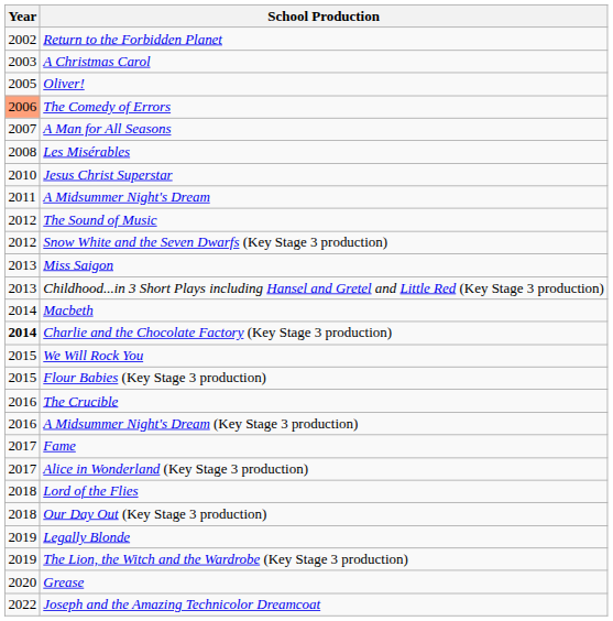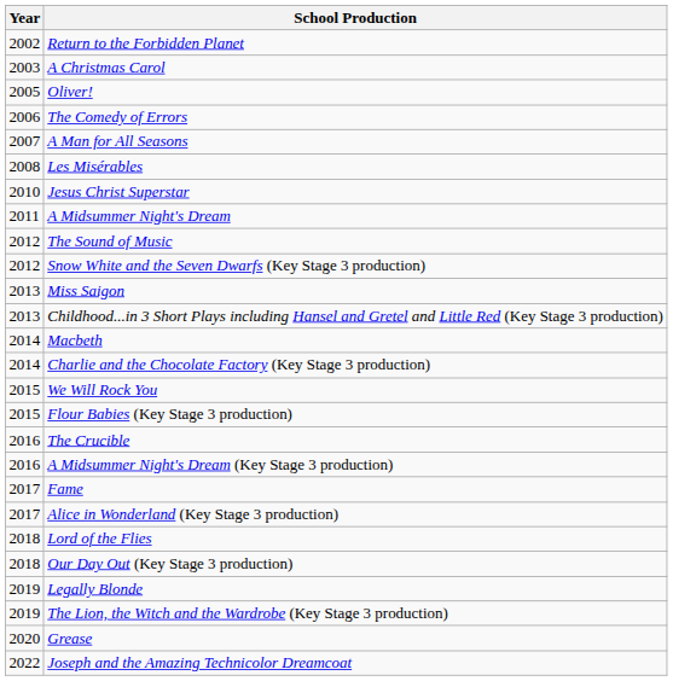 <table class="wikitable">
 <tr>
 <th>Year</th>
 <th>School Production</th>
 </tr>
 <tr>
 <td>2002</td>
 <td><em><a href='#'>Return to the Forbidden Planet</a></em></td>
 </tr>
 <tr>
 <td>2003</td>
 <td><em><a href='#'>A Christmas Carol</a></em></td>
 </tr>
 <tr>
 <td>2005</td>
 <td><em><a href='#'>Oliver!</a></em></td>
 </tr>
 <tr>
-<td style="background: lightsalmon;">2006</td>
+<td>2006</td>
 <td><em><a href='#'>The Comedy of Errors</a></em></td>
 </tr>
 <tr>
 <td>2007</td>
 <td><em><a href='#'>A Man for All Seasons</a></em></td>
 </tr>
 <tr>
 <td>2008</td>
 <td><em><a href='#'>Les Misérables</a></em></td>
 </tr>
 <tr>
 <td>2010</td>
 <td><em><a href='#'>Jesus Christ Superstar</a></em></td>
 </tr>
 <tr>
 <td>2011</td>
 <td><em><a href='#'>A Midsummer Night's Dream</a></em></td>
 </tr>
 <tr>
 <td>2012</td>
 <td><em><a href='#'>The Sound of Music</a></em></td>
 </tr>
 <tr>
 <td>2012</td>
 <td><em><a href='#'>Snow White and the Seven Dwarfs</a></em> (Key Stage 3 production)</td>
 </tr>
 <tr>
 <td>2013</td>
 <td><em><a href='#'>Miss Saigon</a></em></td>
 </tr>
 <tr>
 <td>2013</td>
 <td><em>Childhood...in 3 Short Plays including <a href='#'>Hansel and Gretel</a> and <a href='#'>Little Red</a></em> (Key Stage 3 production)</td>
 </tr>
 <tr>
 <td>2014</td>
 <td><em><a href='#'>Macbeth</a></em></td>
 </tr>
 <tr>
-<td><strong>2014</strong></td>
+<td>2014</td>
 <td><em><a href='#'>Charlie and the Chocolate Factory</a></em> (Key Stage 3 production)</td>
 </tr>
 <tr>
 <td>2015</td>
 <td><em><a href='#'>We Will Rock You</a></em></td>
 </tr>
 <tr>
 <td>2015</td>
 <td><em><a href='#'>Flour Babies</a></em>  (Key Stage 3 production)</td>
 </tr>
 <tr>
 <td>2016</td>
 <td><em><a href='#'>The Crucible</a></em></td>
 </tr>
 <tr>
 <td>2016</td>
 <td><em><a href='#'>A Midsummer Night's Dream</a></em> (Key Stage 3 production)</td>
 </tr>
 <tr>
 <td>2017</td>
 <td><em><a href='#'>Fame</a></em></td>
 </tr>
 <tr>
 <td>2017</td>
 <td><em><a href='#'>Alice in Wonderland</a></em> (Key Stage 3 production)</td>
 </tr>
 <tr>
 <td>2018</td>
 <td><em><a href='#'>Lord of the Flies</a></em></td>
 </tr>
 <tr>
 <td>2018</td>
 <td><em><a href='#'>Our Day Out</a></em> (Key Stage 3 production)</td>
 </tr>
 <tr>
 <td>2019</td>
 <td><em><a href='#'>Legally Blonde</a></em></td>
 </tr>
 <tr>
 <td>2019</td>
 <td><em><a href='#'>The Lion, the Witch and the Wardrobe</a></em> (Key Stage 3 production)</td>
 </tr>
 <tr>
 <td>2020</td>
 <td><em><a href='#'>Grease</a></em></td>
 </tr>
 <tr>
 <td>2022</td>
 <td><em><a href='#'>Joseph and the Amazing Technicolor Dreamcoat</a></em></td>
 </tr>
 </table>
